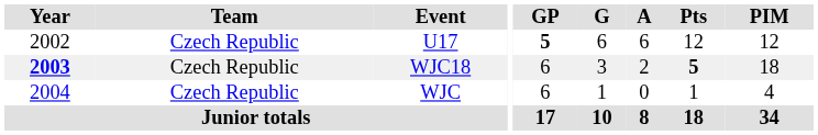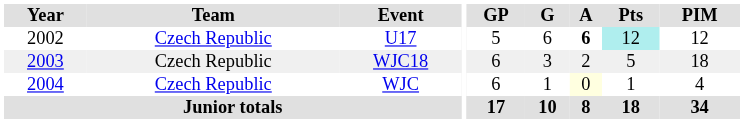 <table border="0" cellpadding="1" cellspacing="0" ID="Table3" style="text-align:center; width:40em">
 <tr ALIGN="center" bgcolor="#e0e0e0">
 <th>Year</th>
 <th>Team</th>
 <th>Event</th>
 <th rowspan="99" bgcolor="#ffffff"></th>
 <th>GP</th>
 <th>G</th>
 <th>A</th>
 <th>Pts</th>
 <th>PIM</th>
 </tr>
 <tr>
 <td>2002</td>
 <td><a href='#'>Czech Republic</a></td>
 <td><a href='#'>U17</a></td>
-<td><strong>5</strong></td>
+<td>5</td>
 <td>6</td>
-<td>6</td>
-<td>12</td>
+<td><strong>6</strong></td>
+<td style="background: paleturquoise;">12</td>
 <td>12</td>
 </tr>
 <tr bgcolor="#f0f0f0">
-<td><strong><a href='#'>2003</a></strong></td>
+<td><a href='#'>2003</a></td>
 <td>Czech Republic</td>
 <td><a href='#'>WJC18</a></td>
 <td>6</td>
 <td>3</td>
 <td>2</td>
-<td><strong>5</strong></td>
+<td>5</td>
 <td>18</td>
 </tr>
 <tr>
 <td><a href='#'>2004</a></td>
 <td><a href='#'>Czech Republic</a></td>
 <td><a href='#'>WJC</a></td>
 <td>6</td>
 <td>1</td>
-<td>0</td>
+<td style="background: lightyellow;">0</td>
 <td>1</td>
 <td>4</td>
 </tr>
 <tr bgcolor="#e0e0e0">
 <th colspan="3">Junior totals</th>
 <th>17</th>
 <th>10</th>
 <th>8</th>
 <th>18</th>
 <th>34</th>
 </tr>
 </table>
